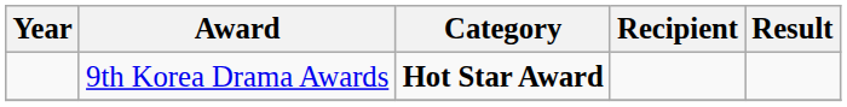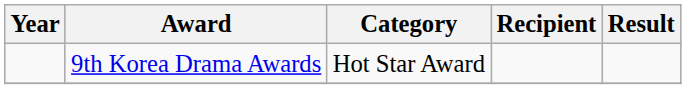 <table class="wikitable">
 <tr>
 <th>Year</th>
 <th>Award</th>
 <th>Category</th>
 <th>Recipient</th>
 <th>Result</th>
 </tr>
 <tr>
 <td></td>
 <td><a href='#'>9th Korea Drama Awards</a></td>
-<td><strong>Hot Star Award</strong></td>
+<td>Hot Star Award</td>
 <td></td>
 <td></td>
 </tr>
 <tr>
 </tr>
 </table>
